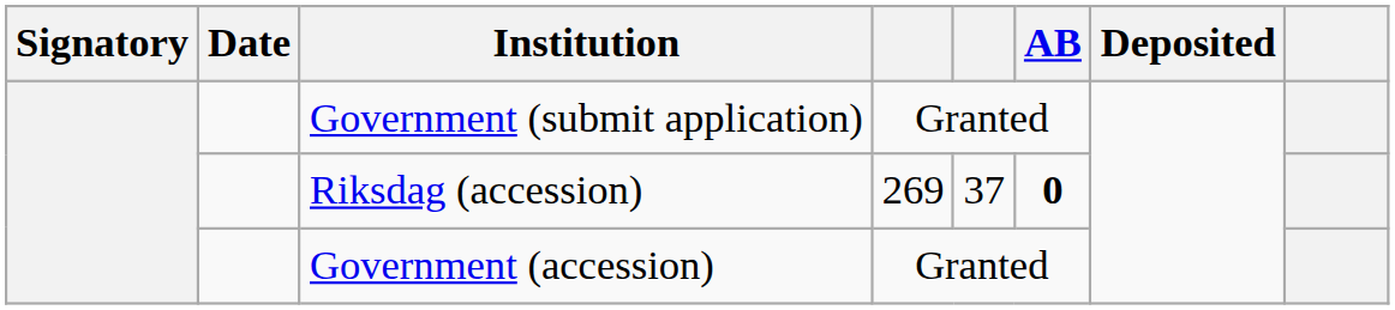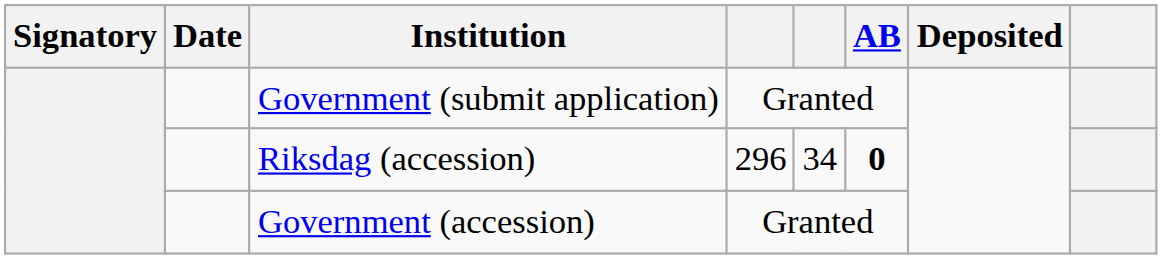 <table class="wikitable sortable plainrowheaders" style="white-space:wrap; line-height:1.33">
 <tr>
 <th scope="col">Signatory</th>
 <th scope="col">Date</th>
 <th scope="col" class="unsortable">Institution</th>
 <th scope="col" class="unsortable"></th>
 <th scope="col" class="unsortable"></th>
 <th scope="col" class="unsortable"><a href='#'>AB</a></th>
 <th scope="col">Deposited</th>
 <th scope="col" class="unsortable" style="width:2em"></th>
 </tr>
 <tr>
 <th scope="row" rowspan=3></th>
 <td style="text-align:center; "></td>
 <td style=""><a href='#'>Government</a> (submit application)</td>
 <td style="text-align:center; " colspan="3">Granted</td>
 <td rowspan=3 style="text-align:center; "></td>
 <th></th>
 </tr>
 <tr>
 <td style="text-align:center; "></td>
 <td style=""><a href='#'>Riksdag</a> (accession)</td>
-<td style="text-align:center; ">269</td>
-<td style="text-align:center; ">37</td>
+<td style="text-align:center; ">296</td>
+<td style="text-align:center; ">34</td>
 <td style="text-align:center; "><strong>0</strong></td>
 <th></th>
 </tr>
 <tr>
 <td style="text-align:center; "></td>
 <td style=""><a href='#'>Government</a> (accession)</td>
 <td style="text-align:center; " colspan="3">Granted</td>
 <th></th>
 </tr>
 </table>
